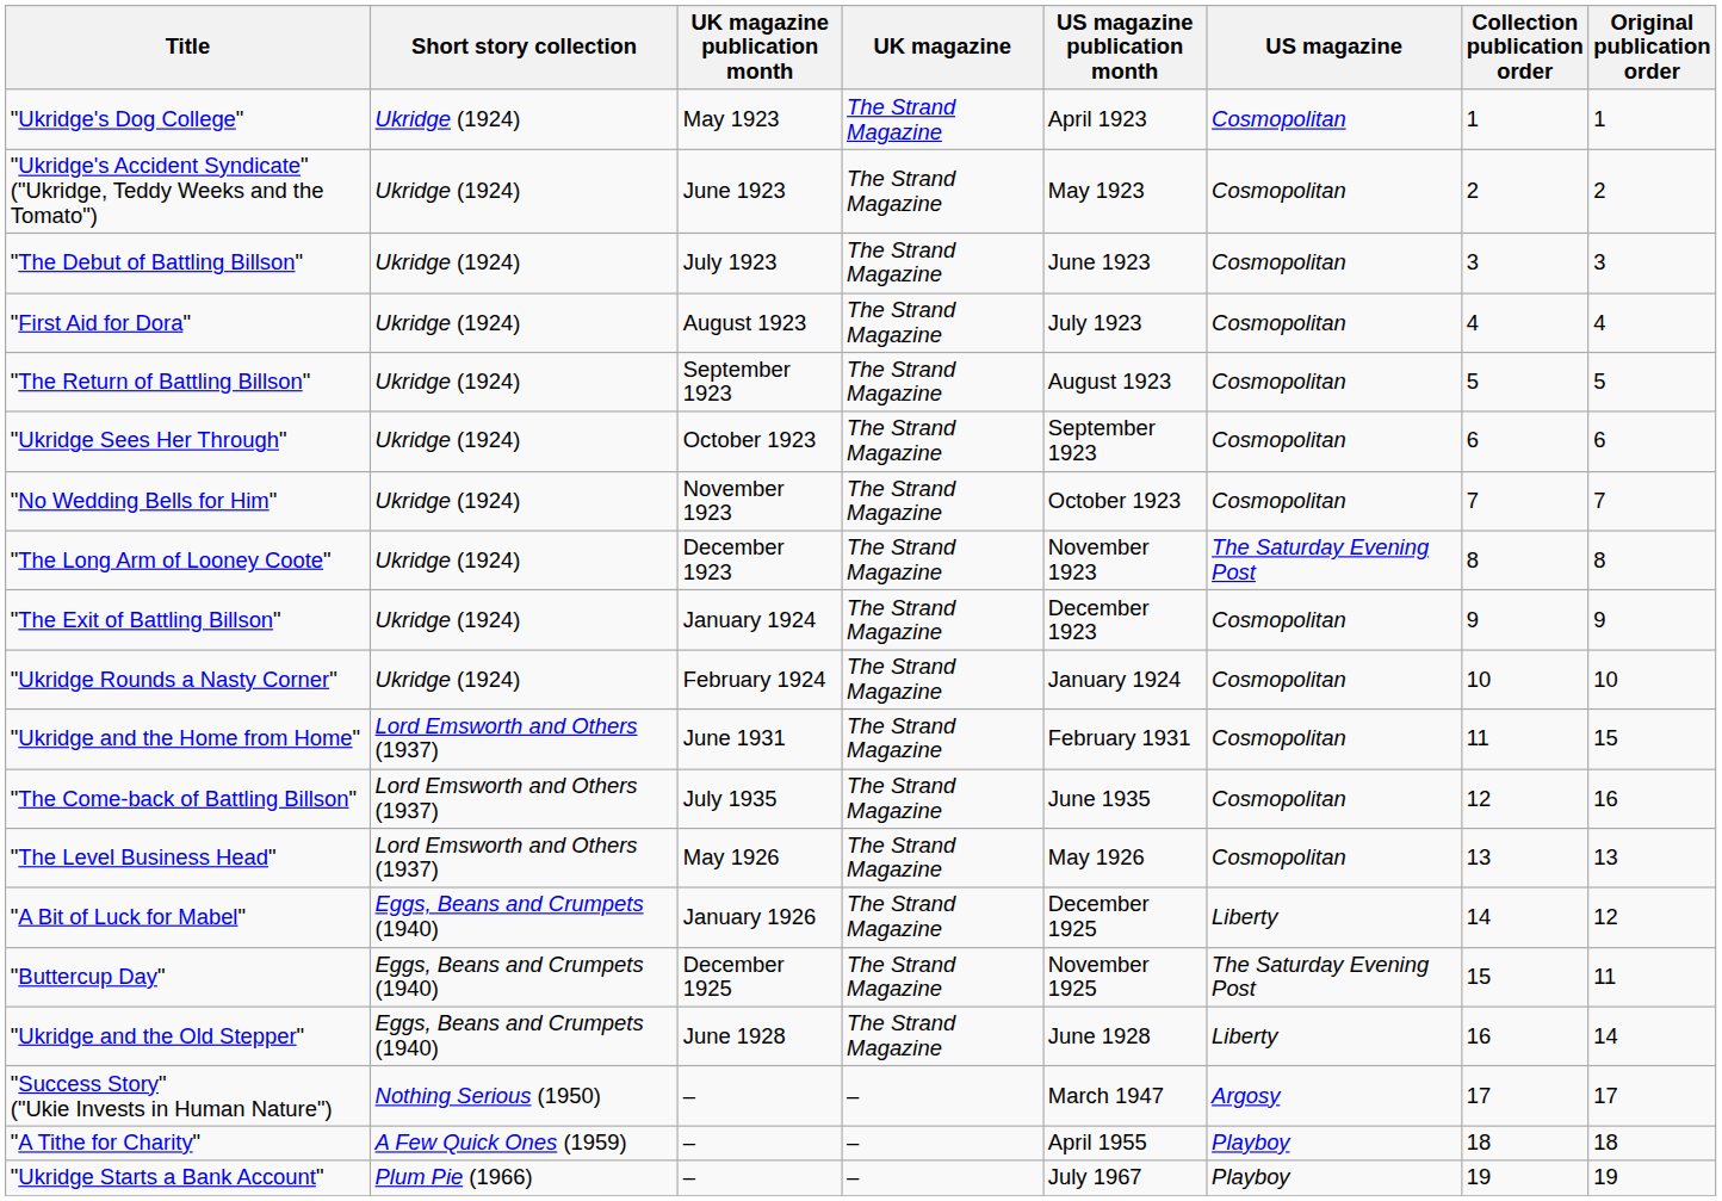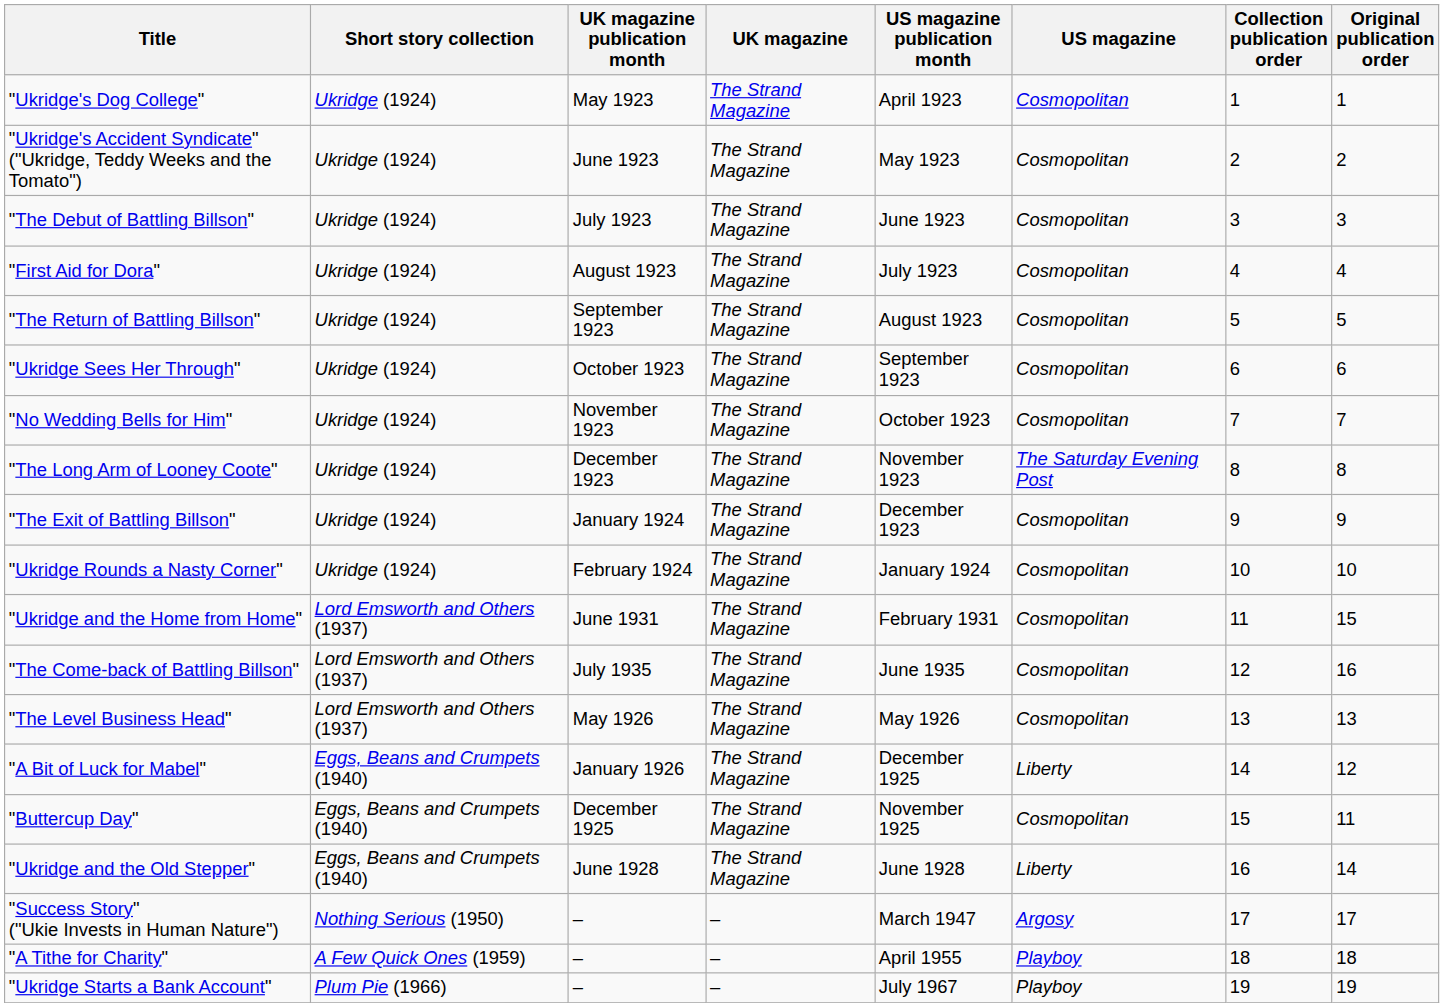 <table class="wikitable sortable">
 <tr>
 <th>Title</th>
 <th>Short story collection</th>
 <th style="width: 7em;">UK magazine publication month</th>
 <th>UK magazine</th>
 <th style="width: 7em;">US magazine publication month</th>
 <th>US magazine</th>
 <th style="width: 1em;">Collection publication order</th>
 <th style="width: 1em;">Original publication order</th>
 </tr>
 <tr>
 <td>"<a href='#'>Ukridge's Dog College</a>"</td>
 <td data-sort-value="1924"><em><a href='#'>Ukridge</a></em> (1924)</td>
 <td data-sort-value="1923-05">May 1923</td>
 <td data-sort-value="Strand"><em><a href='#'>The Strand Magazine</a></em></td>
 <td data-sort-value="1923-04">April 1923</td>
 <td><em><a href='#'>Cosmopolitan</a></em></td>
 <td>1</td>
 <td data-sort-value="1923-04">1</td>
 </tr>
 <tr>
 <td>"<a href='#'>Ukridge's Accident Syndicate</a>"<br>("Ukridge, Teddy Weeks and the Tomato")</td>
 <td data-sort-value="1924"><em>Ukridge</em> (1924)</td>
 <td data-sort-value="1923-06">June 1923</td>
 <td data-sort-value="Strand"><em>The Strand Magazine</em></td>
 <td data-sort-value="1923-05">May 1923</td>
 <td><em>Cosmopolitan</em></td>
 <td>2</td>
 <td data-sort-value="1923-05">2</td>
 </tr>
 <tr>
 <td>"<a href='#'>The Debut of Battling Billson</a>"</td>
 <td data-sort-value="1924"><em>Ukridge</em> (1924)</td>
 <td data-sort-value="1923-07">July 1923</td>
 <td data-sort-value="Strand"><em>The Strand Magazine</em></td>
 <td data-sort-value="1923-06">June 1923</td>
 <td><em>Cosmopolitan</em></td>
 <td>3</td>
 <td data-sort-value="1923-06">3</td>
 </tr>
 <tr>
 <td>"<a href='#'>First Aid for Dora</a>"</td>
 <td data-sort-value="1924"><em>Ukridge</em> (1924)</td>
 <td data-sort-value="1923-08">August 1923</td>
 <td data-sort-value="Strand"><em>The Strand Magazine</em></td>
 <td data-sort-value="1923-07">July 1923</td>
 <td><em>Cosmopolitan</em></td>
 <td>4</td>
 <td data-sort-value="1923-07">4</td>
 </tr>
 <tr>
 <td>"<a href='#'>The Return of Battling Billson</a>"</td>
 <td data-sort-value="1924"><em>Ukridge</em> (1924)</td>
 <td data-sort-value="1923-09">September 1923</td>
 <td data-sort-value="Strand"><em>The Strand Magazine</em></td>
 <td data-sort-value="1923-08">August 1923</td>
 <td><em>Cosmopolitan</em></td>
 <td>5</td>
 <td data-sort-value="1923-08">5</td>
 </tr>
 <tr>
 <td>"<a href='#'>Ukridge Sees Her Through</a>"</td>
 <td data-sort-value="1924"><em>Ukridge</em> (1924)</td>
 <td data-sort-value="1923-10">October 1923</td>
 <td data-sort-value="Strand"><em>The Strand Magazine</em></td>
 <td data-sort-value="1923-09">September 1923</td>
 <td><em>Cosmopolitan</em></td>
 <td>6</td>
 <td data-sort-value="1923-09">6</td>
 </tr>
 <tr>
 <td>"<a href='#'>No Wedding Bells for Him</a>"</td>
 <td data-sort-value="1924"><em>Ukridge</em> (1924)</td>
 <td data-sort-value="1923-11">November 1923</td>
 <td data-sort-value="Strand"><em>The Strand Magazine</em></td>
 <td data-sort-value="1923-10">October 1923</td>
 <td><em>Cosmopolitan</em></td>
 <td>7</td>
 <td data-sort-value="1923-10">7</td>
 </tr>
 <tr>
 <td>"<a href='#'>The Long Arm of Looney Coote</a>"</td>
 <td data-sort-value="1924"><em>Ukridge</em> (1924)</td>
 <td data-sort-value="1923-12">December 1923</td>
 <td data-sort-value="Strand"><em>The Strand Magazine</em></td>
 <td data-sort-value="1923-11">November 1923</td>
 <td data-sort-value="Saturday"><em><a href='#'>The Saturday Evening Post</a></em></td>
 <td>8</td>
 <td data-sort-value="1923-11">8</td>
 </tr>
 <tr>
 <td>"<a href='#'>The Exit of Battling Billson</a>"</td>
 <td data-sort-value="1924"><em>Ukridge</em> (1924)</td>
 <td data-sort-value="1924-01">January 1924</td>
 <td data-sort-value="Strand"><em>The Strand Magazine</em></td>
 <td data-sort-value="1923-12">December 1923</td>
 <td><em>Cosmopolitan</em></td>
 <td>9</td>
 <td data-sort-value="1923-12">9</td>
 </tr>
 <tr>
 <td>"<a href='#'>Ukridge Rounds a Nasty Corner</a>"</td>
 <td data-sort-value="1924"><em>Ukridge</em> (1924)</td>
 <td data-sort-value="1924-02">February 1924</td>
 <td data-sort-value="Strand"><em>The Strand Magazine</em></td>
 <td data-sort-value="1924-01">January 1924</td>
 <td><em>Cosmopolitan</em></td>
 <td>10</td>
 <td data-sort-value="1924-01">10</td>
 </tr>
 <tr>
 <td>"<a href='#'>Ukridge and the Home from Home</a>"</td>
 <td data-sort-value="1937"><em><a href='#'>Lord Emsworth and Others</a></em> (1937)</td>
 <td data-sort-value="1931-06">June 1931</td>
 <td data-sort-value="Strand"><em>The Strand Magazine</em></td>
 <td data-sort-value="1931-02">February 1931</td>
 <td><em>Cosmopolitan</em></td>
 <td>11</td>
 <td data-sort-value="1931-02">15</td>
 </tr>
 <tr>
 <td>"<a href='#'>The Come-back of Battling Billson</a>"</td>
 <td data-sort-value="1937"><em>Lord Emsworth and Others</em> (1937)</td>
 <td data-sort-value="1935-07">July 1935</td>
 <td data-sort-value="Strand"><em>The Strand Magazine</em></td>
 <td data-sort-value="1935-06">June 1935</td>
 <td><em>Cosmopolitan</em></td>
 <td>12</td>
 <td data-sort-value="1935-06">16</td>
 </tr>
 <tr>
 <td>"<a href='#'>The Level Business Head</a>"</td>
 <td data-sort-value="1937"><em>Lord Emsworth and Others</em> (1937)</td>
 <td data-sort-value="1926-05">May 1926</td>
 <td data-sort-value="Strand"><em>The Strand Magazine</em></td>
 <td data-sort-value="1926-05">May 1926</td>
 <td><em>Cosmopolitan</em></td>
 <td>13</td>
 <td data-sort-value="1926-05">13</td>
 </tr>
 <tr>
 <td>"<a href='#'>A Bit of Luck for Mabel</a>"</td>
 <td data-sort-value="1940"><em><a href='#'>Eggs, Beans and Crumpets</a></em> (1940)</td>
 <td data-sort-value="1926-01">January 1926</td>
 <td data-sort-value="Strand"><em>The Strand Magazine</em></td>
 <td data-sort-value="1925-12">December 1925</td>
 <td><em>Liberty</em></td>
 <td>14</td>
 <td data-sort-value="1925-12">12</td>
 </tr>
 <tr>
 <td>"<a href='#'>Buttercup Day</a>"</td>
 <td data-sort-value="1940"><em>Eggs, Beans and Crumpets</em> (1940)</td>
 <td data-sort-value="1925-12">December 1925</td>
 <td data-sort-value="Strand"><em>The Strand Magazine</em></td>
 <td data-sort-value="1925-11">November 1925</td>
-<td data-sort-value="Saturday"><em>The Saturday Evening Post</em></td>
+<td><em>Cosmopolitan</em></td>
 <td>15</td>
 <td data-sort-value="1925-11">11</td>
 </tr>
 <tr>
 <td>"<a href='#'>Ukridge and the Old Stepper</a>"</td>
 <td data-sort-value="1940"><em>Eggs, Beans and Crumpets</em> (1940)</td>
 <td data-sort-value="1928-06">June 1928</td>
 <td data-sort-value="Strand"><em>The Strand Magazine</em></td>
 <td data-sort-value="1928-06">June 1928</td>
 <td><em>Liberty</em></td>
 <td>16</td>
 <td data-sort-value="1928-06">14</td>
 </tr>
 <tr>
 <td>"<a href='#'>Success Story</a>"<br>("Ukie Invests in Human Nature")</td>
 <td data-sort-value="1950"><em><a href='#'>Nothing Serious</a></em> (1950)</td>
 <td data-sort-value="9999">–</td>
 <td data-sort-value="zz">–</td>
 <td data-sort-value="1947-03">March 1947</td>
 <td><em><a href='#'>Argosy</a></em></td>
 <td>17</td>
 <td data-sort-value="1947-03">17</td>
 </tr>
 <tr>
 <td>"<a href='#'>A Tithe for Charity</a>"</td>
 <td data-sort-value="1959"><em><a href='#'>A Few Quick Ones</a></em> (1959)</td>
 <td data-sort-value="9999">–</td>
 <td data-sort-value="zz">–</td>
 <td data-sort-value="1955-04">April 1955</td>
 <td><em><a href='#'>Playboy</a></em></td>
 <td>18</td>
 <td data-sort-value="1955-04">18</td>
 </tr>
 <tr>
 <td>"<a href='#'>Ukridge Starts a Bank Account</a>"</td>
 <td data-sort-value="1966"><em><a href='#'>Plum Pie</a></em> (1966)</td>
 <td data-sort-value="9999">–</td>
 <td data-sort-value="zz">–</td>
 <td data-sort-value="1967-07">July 1967</td>
 <td><em>Playboy</em></td>
 <td>19</td>
 <td data-sort-value="1966-09">19</td>
 </tr>
 </table>
